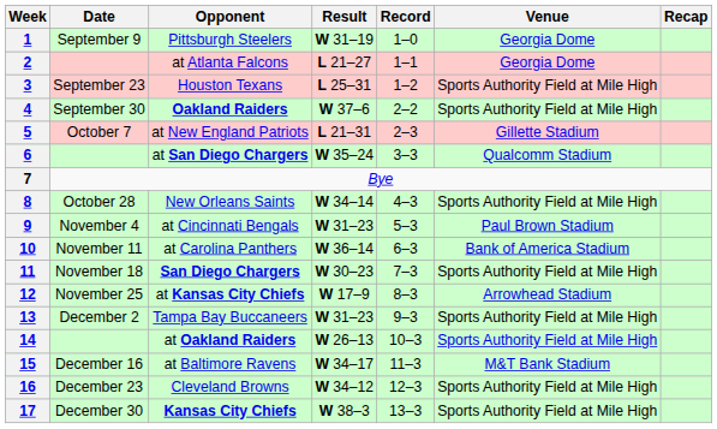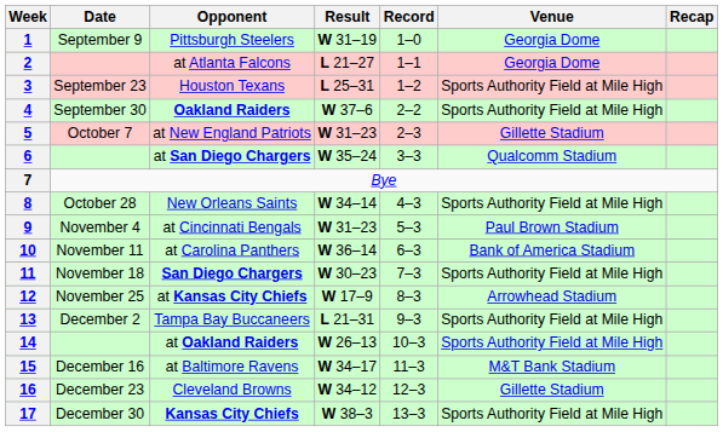 <table class="wikitable" style="text-align:center">
 <tr>
 <th>Week</th>
 <th>Date</th>
 <th>Opponent</th>
 <th>Result</th>
 <th>Record</th>
 <th>Venue</th>
 <th>Recap</th>
 </tr>
 <tr style="background:#cfc">
 <th><a href='#'>1</a></th>
 <td>September 9</td>
 <td><a href='#'>Pittsburgh Steelers</a></td>
 <td><strong>W</strong> 31–19</td>
 <td>1–0</td>
 <td><a href='#'>Georgia Dome</a></td>
 <td></td>
 </tr>
 <tr style="background:#fcc">
 <th><a href='#'>2</a></th>
 <td></td>
 <td>at <a href='#'>Atlanta Falcons</a></td>
 <td><strong>L</strong> 21–27</td>
 <td>1–1</td>
 <td><a href='#'>Georgia Dome</a></td>
 <td></td>
 </tr>
 <tr style="background:#fcc">
 <th><a href='#'>3</a></th>
 <td>September 23</td>
 <td><a href='#'>Houston Texans</a></td>
 <td><strong>L</strong> 25–31</td>
 <td>1–2</td>
 <td>Sports Authority Field at Mile High</td>
 <td></td>
 </tr>
 <tr style="background:#cfc">
 <th><a href='#'>4</a></th>
 <td>September 30</td>
 <td><strong><a href='#'>Oakland Raiders</a></strong></td>
 <td><strong>W</strong> 37–6</td>
 <td>2–2</td>
 <td>Sports Authority Field at Mile High</td>
 <td></td>
 </tr>
 <tr style="background:#fcc">
 <th><a href='#'>5</a></th>
 <td>October 7</td>
 <td>at <a href='#'>New England Patriots</a></td>
-<td><strong>L</strong> 21–31</td>
+<td><strong>W</strong> 31–23</td>
 <td>2–3</td>
 <td><a href='#'>Gillette Stadium</a></td>
 <td></td>
 </tr>
 <tr style="background:#cfc">
 <th><a href='#'>6</a></th>
 <td></td>
 <td>at <strong><a href='#'>San Diego Chargers</a></strong></td>
 <td><strong>W</strong> 35–24</td>
 <td>3–3</td>
 <td><a href='#'>Qualcomm Stadium</a></td>
 <td></td>
 </tr>
 <tr>
 <th>7</th>
 <td colspan="6"><em><a href='#'>Bye</a></em></td>
 </tr>
 <tr style="background:#cfc">
 <th><a href='#'>8</a></th>
 <td>October 28</td>
 <td><a href='#'>New Orleans Saints</a></td>
 <td><strong>W</strong> 34–14</td>
 <td>4–3</td>
 <td>Sports Authority Field at Mile High</td>
 <td></td>
 </tr>
 <tr style="background:#cfc">
 <th><a href='#'>9</a></th>
 <td>November 4</td>
 <td>at <a href='#'>Cincinnati Bengals</a></td>
 <td><strong>W</strong> 31–23</td>
 <td>5–3</td>
 <td><a href='#'>Paul Brown Stadium</a></td>
 <td></td>
 </tr>
 <tr style="background:#cfc">
 <th><a href='#'>10</a></th>
 <td>November 11</td>
 <td>at <a href='#'>Carolina Panthers</a></td>
 <td><strong>W</strong> 36–14</td>
 <td>6–3</td>
 <td><a href='#'>Bank of America Stadium</a></td>
 <td></td>
 </tr>
 <tr style="background:#cfc">
 <th><a href='#'>11</a></th>
 <td>November 18</td>
 <td><strong><a href='#'>San Diego Chargers</a></strong></td>
 <td><strong>W</strong> 30–23</td>
 <td>7–3</td>
 <td>Sports Authority Field at Mile High</td>
 <td></td>
 </tr>
 <tr style="background:#cfc">
 <th><a href='#'>12</a></th>
 <td>November 25</td>
 <td>at <strong><a href='#'>Kansas City Chiefs</a></strong></td>
 <td><strong>W</strong> 17–9</td>
 <td>8–3</td>
 <td><a href='#'>Arrowhead Stadium</a></td>
 <td></td>
 </tr>
 <tr style="background:#cfc">
 <th><a href='#'>13</a></th>
 <td>December 2</td>
 <td><a href='#'>Tampa Bay Buccaneers</a></td>
-<td><strong>W</strong> 31–23</td>
+<td><strong>L</strong> 21–31</td>
 <td>9–3</td>
 <td>Sports Authority Field at Mile High</td>
 <td></td>
 </tr>
 <tr style="background:#cfc">
 <th><a href='#'>14</a></th>
 <td></td>
 <td>at <strong><a href='#'>Oakland Raiders</a></strong></td>
 <td><strong>W</strong> 26–13</td>
 <td>10–3</td>
 <td><a href='#'>Sports Authority Field at Mile High</a></td>
 <td></td>
 </tr>
 <tr style="background:#cfc">
 <th><a href='#'>15</a></th>
 <td>December 16</td>
 <td>at <a href='#'>Baltimore Ravens</a></td>
 <td><strong>W</strong> 34–17</td>
 <td>11–3</td>
 <td><a href='#'>M&T Bank Stadium</a></td>
 <td></td>
 </tr>
 <tr style="background:#cfc">
 <th><a href='#'>16</a></th>
 <td>December 23</td>
 <td><a href='#'>Cleveland Browns</a></td>
 <td><strong>W</strong> 34–12</td>
 <td>12–3</td>
-<td>Sports Authority Field at Mile High</td>
+<td><a href='#'>Gillette Stadium</a></td>
 <td></td>
 </tr>
 <tr style="background:#cfc">
 <th><a href='#'>17</a></th>
 <td>December 30</td>
 <td><strong><a href='#'>Kansas City Chiefs</a></strong></td>
 <td><strong>W</strong> 38–3</td>
 <td>13–3</td>
 <td>Sports Authority Field at Mile High</td>
 <td></td>
 </tr>
 </table>
